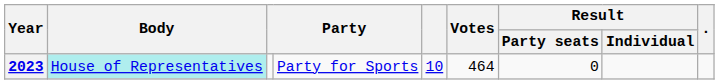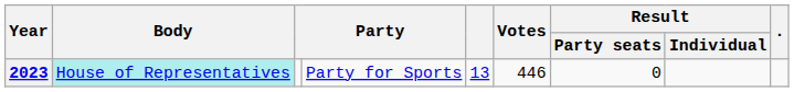 <table class="wikitable plainrowheaders sortable" border=2 cellpadding=4 cellspacing=0 style="border: 1px #aaa solid; font-size: 90%; text-align:center;">
 <tr>
 <th scope="col" rowspan=2>Year</th>
 <th scope="col" rowspan=2>Body</th>
 <th scope="col" colspan=2 rowspan=2>Party</th>
 <th scope="col" rowspan=2></th>
 <th scope="col" rowspan=2>Votes</th>
 <th scope="colgroup" colspan=2>Result</th>
 <th scope="col" rowspan=2 class="unsortable">.</th>
 </tr>
 <tr>
 <th scope="col">Party seats</th>
 <th scope="col">Individual</th>
 </tr>
 <tr>
 <th scope="row"><a href='#'>2023</a></th>
 <td style="background: paleturquoise;"><a href='#'>House of Representatives</a></td>
 <td style="background-color:"></td>
 <td><a href='#'>Party for Sports</a></td>
-<td style=text-align:right><a href='#'>10</a></td>
-<td style=text-align:right>464</td>
+<td style=text-align:right><a href='#'>13</a></td>
+<td style=text-align:right>446</td>
 <td style=text-align:right>0</td>
 <td></td>
 <td></td>
 </tr>
 </table>
